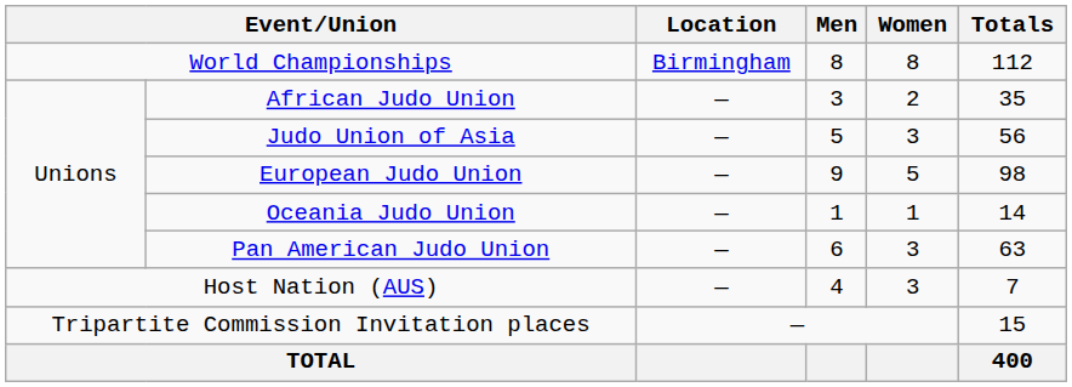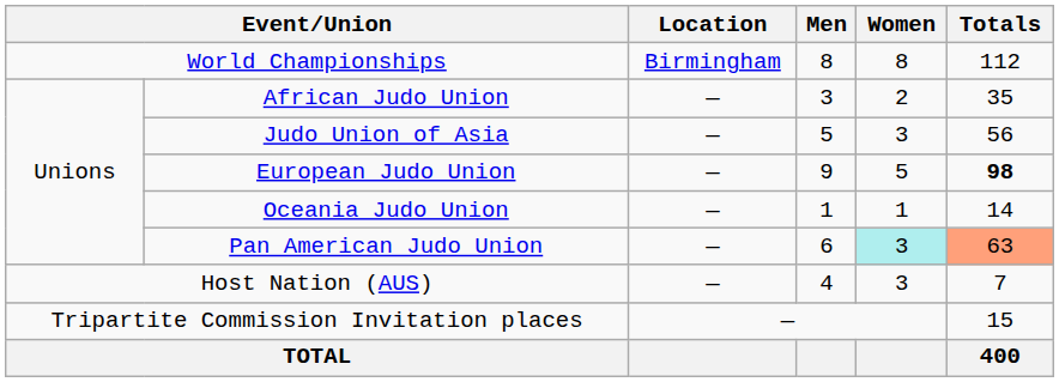 <table class="wikitable" width="600" style="text-align:center;">
 <tr>
 <th colspan="2">Event/Union</th>
 <th>Location</th>
 <th>Men</th>
 <th>Women</th>
 <th>Totals</th>
 </tr>
 <tr>
 <td colspan="2"><a href='#'>World Championships</a></td>
 <td> <a href='#'>Birmingham</a></td>
 <td>8</td>
 <td>8</td>
 <td>112</td>
 </tr>
 <tr>
 <td rowspan="5">Unions</td>
 <td><a href='#'>African Judo Union</a></td>
 <td>—</td>
 <td>3</td>
 <td>2</td>
 <td>35</td>
 </tr>
 <tr>
 <td><a href='#'>Judo Union of Asia</a></td>
 <td>—</td>
 <td>5</td>
 <td>3</td>
 <td>56</td>
 </tr>
 <tr>
 <td><a href='#'>European Judo Union</a></td>
 <td>—</td>
 <td>9</td>
 <td>5</td>
-<td>98</td>
+<td><strong>98</strong></td>
 </tr>
 <tr>
 <td><a href='#'>Oceania Judo Union</a></td>
 <td>—</td>
 <td>1</td>
 <td>1</td>
 <td>14</td>
 </tr>
 <tr>
 <td><a href='#'>Pan American Judo Union</a></td>
 <td>—</td>
 <td>6</td>
-<td>3</td>
-<td>63</td>
+<td style="background: paleturquoise;">3</td>
+<td style="background: lightsalmon;">63</td>
 </tr>
 <tr>
 <td colspan="2">Host Nation (<a href='#'>AUS</a>)</td>
 <td>—</td>
 <td>4</td>
 <td>3</td>
 <td>7</td>
 </tr>
 <tr>
 <td colspan="2">Tripartite Commission Invitation places</td>
 <td colspan="3">—</td>
 <td>15</td>
 </tr>
 <tr>
 <th colspan="2">TOTAL</th>
 <th></th>
 <th></th>
 <th></th>
 <th>400</th>
 </tr>
 </table>
